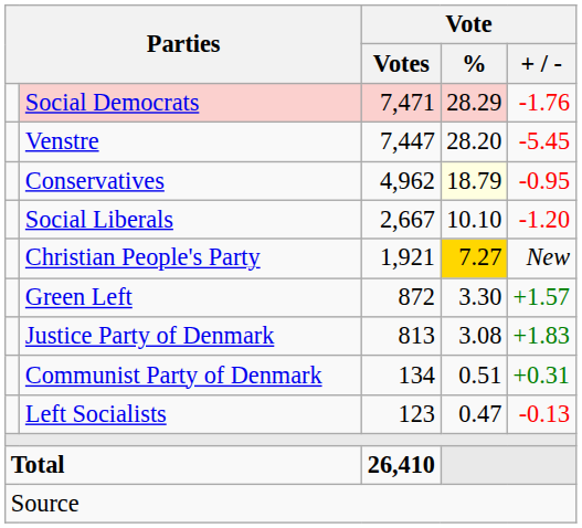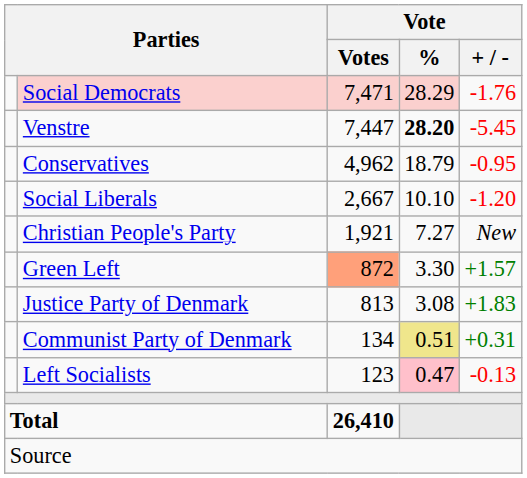 <table class="wikitable" style="text-align:right;">
 <tr>
 <th style="text-align:centre;" rowspan="2" colspan="2" width="225">Parties</th>
 <th colspan="3">Vote</th>
 </tr>
 <tr>
 <th width="15">Votes</th>
 <th width="15">%</th>
 <th width="15">+ / -</th>
 </tr>
 <tr>
 <td width="2" style="color:inherit;background:"></td>
 <td bgcolor=#fbd0ce  align="left"><a href='#'>Social Democrats</a></td>
 <td bgcolor=#fbd0ce>7,471</td>
 <td bgcolor=#fbd0ce>28.29</td>
 <td style=color:red;>-1.76</td>
 </tr>
 <tr>
 <td width="2" style="color:inherit;background:"></td>
 <td align="left"><a href='#'>Venstre</a></td>
 <td>7,447</td>
-<td>28.20</td>
+<td><strong>28.20</strong></td>
 <td style=color:red;>-5.45</td>
 </tr>
 <tr>
 <td width="2" style="color:inherit;background:"></td>
 <td align="left"><a href='#'>Conservatives</a></td>
 <td>4,962</td>
-<td style="background: lightyellow;">18.79</td>
+<td>18.79</td>
 <td style=color:red;>-0.95</td>
 </tr>
 <tr>
 <td width="2" style="color:inherit;background:"></td>
 <td align="left"><a href='#'>Social Liberals</a></td>
 <td>2,667</td>
 <td>10.10</td>
 <td style=color:red;>-1.20</td>
 </tr>
 <tr>
 <td width="2" style="color:inherit;background:"></td>
 <td align="left"><a href='#'>Christian People's Party</a></td>
 <td>1,921</td>
-<td style="background: gold;">7.27</td>
+<td>7.27</td>
 <td><em>New</em></td>
 </tr>
 <tr>
 <td width="2" style="color:inherit;background:"></td>
 <td align="left"><a href='#'>Green Left</a></td>
-<td>872</td>
+<td style="background: lightsalmon;">872</td>
 <td>3.30</td>
 <td style=color:green;>+1.57</td>
 </tr>
 <tr>
 <td width="2" style="color:inherit;background:"></td>
 <td align="left"><a href='#'>Justice Party of Denmark</a></td>
 <td>813</td>
 <td>3.08</td>
 <td style=color:green;>+1.83</td>
 </tr>
 <tr>
 <td width="2" style="color:inherit;background:"></td>
 <td align="left"><a href='#'>Communist Party of Denmark</a></td>
 <td>134</td>
-<td>0.51</td>
+<td style="background: khaki;">0.51</td>
 <td style=color:green;>+0.31</td>
 </tr>
 <tr>
 <td width="2" style="color:inherit;background:"></td>
 <td align="left"><a href='#'>Left Socialists</a></td>
 <td>123</td>
-<td>0.47</td>
+<td style="background: pink;">0.47</td>
 <td style=color:red;>-0.13</td>
 </tr>
 <tr>
 <td colspan="7" bgcolor="#E9E9E9"></td>
 </tr>
 <tr>
 <td align="left" colspan="2"><strong>Total</strong></td>
 <td><strong>26,410</strong></td>
 <td bgcolor="#E9E9E9" colspan="2"></td>
 </tr>
 <tr>
 <td align="left" colspan="6">Source</td>
 </tr>
 </table>
